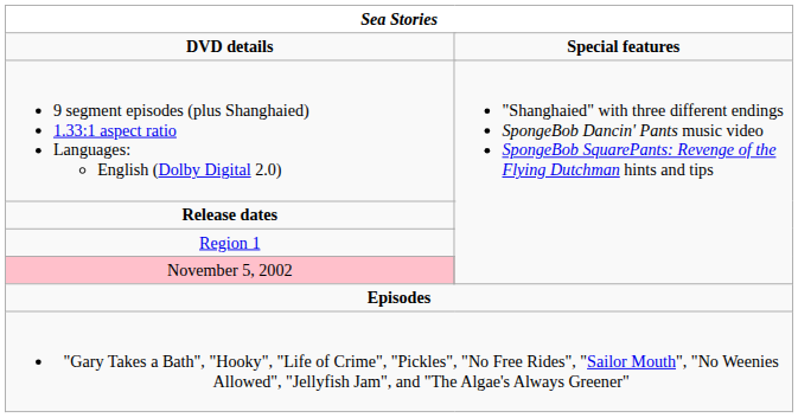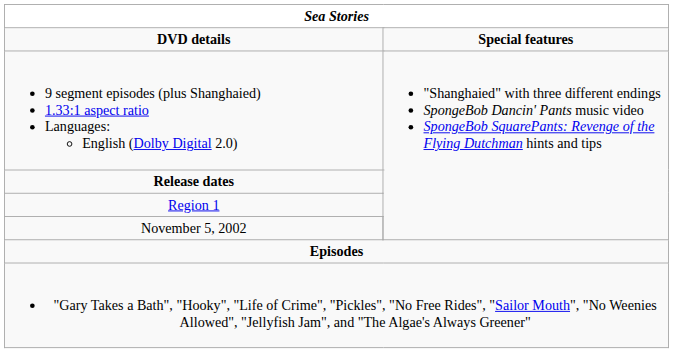 <table class="wikitable" style="font-size: 95%;">
 <tr style="background:#FFF; color:#000;">
 <td colspan="4" align="center"><strong><em>Sea Stories</em></strong></td>
 </tr>
 <tr valign="top">
 <td style="text-align:center; width:400px;" colspan="3"><strong>DVD details</strong></td>
 <td style="width:300px; text-align:center;"><strong>Special features</strong></td>
 </tr>
 <tr valign="top">
 <td colspan="3" style="text-align:left; width:400px;"><br><ul><li>9 segment episodes (plus Shanghaied)</li><li><a href='#'>1.33:1 aspect ratio</a></li><li>Languages:<ul><li>English (<a href='#'>Dolby Digital</a> 2.0)</li></ul></li></ul></td>
 <td rowspan="4" style="text-align:left; width:300px;"><br><ul><li>"Shanghaied" with three different endings</li><li><em>SpongeBob Dancin' Pants</em> music video</li><li><em><a href='#'>SpongeBob SquarePants: Revenge of the Flying Dutchman</a></em> hints and tips</li></ul></td>
 </tr>
 <tr>
 <td colspan="3" style="text-align:center;"><strong>Release dates</strong></td>
 </tr>
 <tr>
 <td colspan="3" style="text-align:center;"><a href='#'>Region 1</a></td>
 </tr>
 <tr style="text-align:center;">
-<td style="background: pink;">November 5, 2002</td>
+<td>November 5, 2002</td>
 </tr>
 <tr>
 <td style="text-align:center; width:400px;" colspan="4"><strong>Episodes</strong></td>
 </tr>
 <tr>
 <td style="text-align:center; width:400px;" colspan="4"><br><ul><li>"Gary Takes a Bath", "Hooky", "Life of Crime", "Pickles", "No Free Rides", "<a href='#'>Sailor Mouth</a>", "No Weenies Allowed", "Jellyfish Jam", and "The Algae's Always Greener"</li></ul></td>
 </tr>
 </table>
